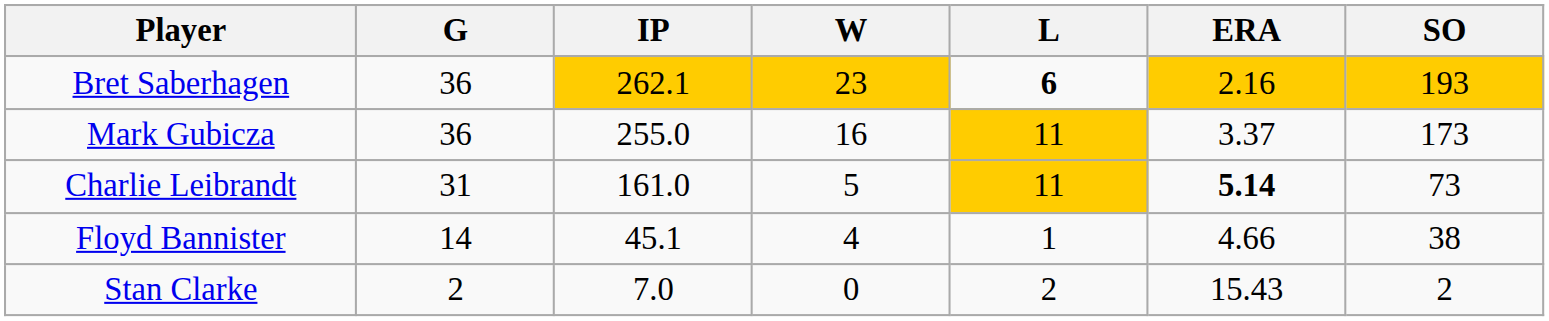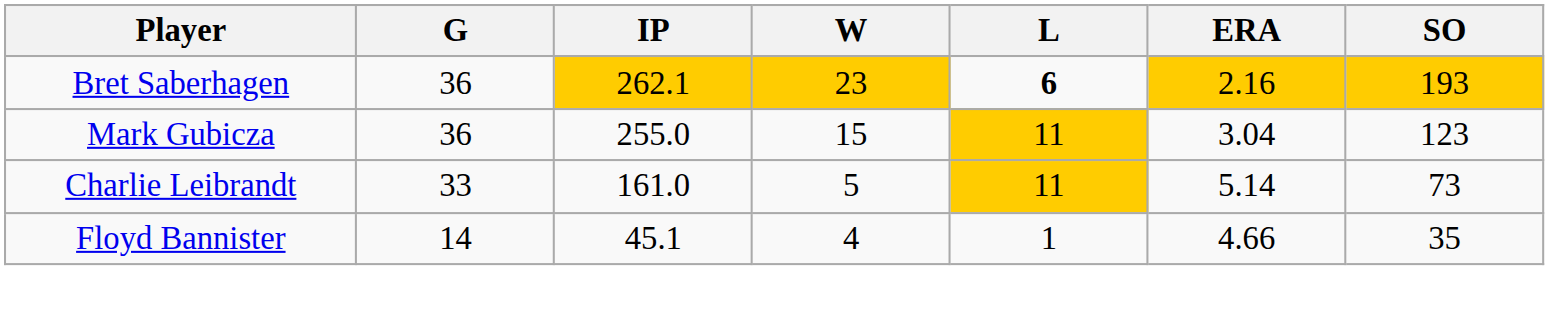 <table class="wikitable sortable">
 <tr>
 <th bgcolor="#DDDDFF" width="16%">Player</th>
 <th bgcolor="#DDDDFF" width="9%">G</th>
 <th bgcolor="#DDDDFF" width="9%">IP</th>
 <th bgcolor="#DDDDFF" width="9%">W</th>
 <th bgcolor="#DDDDFF" width="9%">L</th>
 <th bgcolor="#DDDDFF" width="9%">ERA</th>
 <th bgcolor="#DDDDFF" width="9%">SO</th>
 </tr>
 <tr align="center">
 <td><a href='#'>Bret Saberhagen</a></td>
 <td>36</td>
 <td bgcolor="FFCC00">262.1</td>
 <td bgcolor="FFCC00">23</td>
 <td><strong>6</strong></td>
 <td bgcolor="FFCC00">2.16</td>
 <td bgcolor="FFCC00">193</td>
 </tr>
 <tr align="center">
 <td><a href='#'>Mark Gubicza</a></td>
 <td>36</td>
 <td>255.0</td>
-<td>16</td>
+<td>15</td>
 <td bgcolor="FFCC00">11</td>
-<td>3.37</td>
-<td>173</td>
+<td>3.04</td>
+<td>123</td>
 </tr>
 <tr align="center">
 <td><a href='#'>Charlie Leibrandt</a></td>
-<td>31</td>
+<td>33</td>
 <td>161.0</td>
 <td>5</td>
 <td bgcolor="FFCC00">11</td>
-<td><strong>5.14</strong></td>
+<td>5.14</td>
 <td>73</td>
 </tr>
 <tr align="center">
 <td><a href='#'>Floyd Bannister</a></td>
 <td>14</td>
 <td>45.1</td>
 <td>4</td>
 <td>1</td>
 <td>4.66</td>
-<td>38</td>
-</tr>
-<tr align="center">
-<td><a href='#'>Stan Clarke</a></td>
-<td>2</td>
-<td>7.0</td>
-<td>0</td>
-<td>2</td>
-<td>15.43</td>
-<td>2</td>
+<td>35</td>
 </tr>
 </table>
